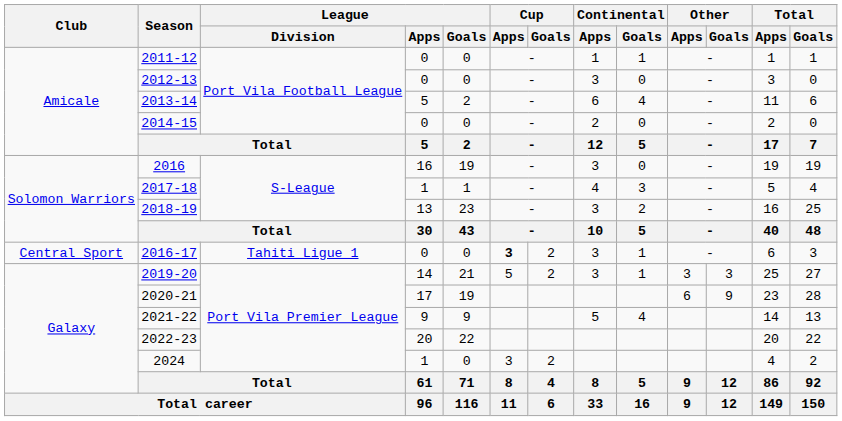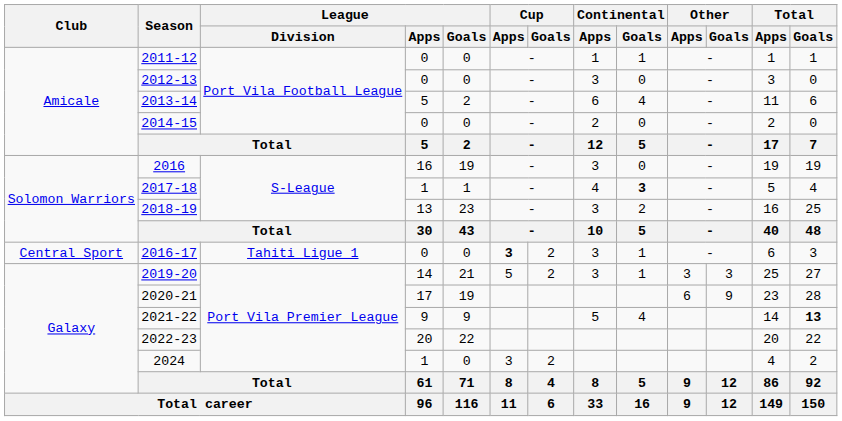 <table class="wikitable" style="text-align: center;">
 <tr>
 <th rowspan="2">Club</th>
 <th rowspan="2">Season</th>
 <th colspan="3">League</th>
 <th colspan="2">Cup</th>
 <th colspan="2">Continental</th>
 <th colspan="2">Other</th>
 <th colspan="2">Total</th>
 </tr>
 <tr>
 <th>Division</th>
 <th>Apps</th>
 <th>Goals</th>
 <th>Apps</th>
 <th>Goals</th>
 <th>Apps</th>
 <th>Goals</th>
 <th>Apps</th>
 <th>Goals</th>
 <th>Apps</th>
 <th>Goals</th>
 </tr>
 <tr>
 <td rowspan="5"><a href='#'>Amicale</a></td>
 <td><a href='#'>2011-12</a></td>
 <td rowspan="4"><a href='#'>Port Vila Football League</a></td>
 <td>0</td>
 <td>0</td>
 <td colspan="2">-</td>
 <td>1</td>
 <td>1</td>
 <td colspan="2">-</td>
 <td>1</td>
 <td>1</td>
 </tr>
 <tr>
 <td><a href='#'>2012-13</a></td>
 <td>0</td>
 <td>0</td>
 <td colspan="2">-</td>
 <td>3</td>
 <td>0</td>
 <td colspan="2">-</td>
 <td>3</td>
 <td>0</td>
 </tr>
 <tr>
 <td><a href='#'>2013-14</a></td>
 <td>5</td>
 <td>2</td>
 <td colspan="2">-</td>
 <td>6</td>
 <td>4</td>
 <td colspan="2">-</td>
 <td>11</td>
 <td>6</td>
 </tr>
 <tr>
 <td><a href='#'>2014-15</a></td>
 <td>0</td>
 <td>0</td>
 <td colspan="2">-</td>
 <td>2</td>
 <td>0</td>
 <td colspan="2">-</td>
 <td>2</td>
 <td>0</td>
 </tr>
 <tr>
 <th colspan=2>Total</th>
 <th>5</th>
 <th>2</th>
 <th colspan=2>-</th>
 <th>12</th>
 <th>5</th>
 <th colspan=2>-</th>
 <th>17</th>
 <th>7</th>
 </tr>
 <tr>
 <td rowspan="4"><a href='#'>Solomon Warriors</a></td>
 <td><a href='#'>2016</a></td>
 <td rowspan="3"><a href='#'>S-League</a></td>
 <td>16</td>
 <td>19</td>
 <td colspan="2">-</td>
 <td>3</td>
 <td>0</td>
 <td colspan="2">-</td>
 <td>19</td>
 <td>19</td>
 </tr>
 <tr>
 <td><a href='#'>2017-18</a></td>
 <td>1</td>
 <td>1</td>
 <td colspan="2">-</td>
 <td>4</td>
-<td>3</td>
+<td><strong>3</strong></td>
 <td colspan="2">-</td>
 <td>5</td>
 <td>4</td>
 </tr>
 <tr>
 <td><a href='#'>2018-19</a></td>
 <td>13</td>
 <td>23</td>
 <td colspan="2">-</td>
 <td>3</td>
 <td>2</td>
 <td colspan="2">-</td>
 <td>16</td>
 <td>25</td>
 </tr>
 <tr>
 <th colspan=2>Total</th>
 <th>30</th>
 <th>43</th>
 <th colspan=2>-</th>
 <th>10</th>
 <th>5</th>
 <th colspan=2>-</th>
 <th>40</th>
 <th>48</th>
 </tr>
 <tr>
 <td><a href='#'>Central Sport</a></td>
 <td><a href='#'>2016-17</a></td>
 <td><a href='#'>Tahiti Ligue 1</a></td>
 <td>0</td>
 <td>0</td>
 <td><strong>3</strong></td>
 <td>2</td>
 <td>3</td>
 <td>1</td>
 <td colspan=2>-</td>
 <td>6</td>
 <td>3</td>
 </tr>
 <tr>
 <td rowspan="6"><a href='#'>Galaxy</a></td>
 <td><a href='#'>2019-20</a></td>
 <td rowspan="5"><a href='#'>Port Vila Premier League</a></td>
 <td>14</td>
 <td>21</td>
 <td>5</td>
 <td>2</td>
 <td>3</td>
 <td>1</td>
 <td>3</td>
 <td>3</td>
 <td>25</td>
 <td>27</td>
 </tr>
 <tr>
 <td>2020-21</td>
 <td>17</td>
 <td>19</td>
 <td></td>
 <td></td>
 <td></td>
 <td></td>
 <td>6</td>
 <td>9</td>
 <td>23</td>
 <td>28</td>
 </tr>
 <tr>
 <td>2021-22</td>
 <td>9</td>
 <td>9</td>
 <td></td>
 <td></td>
 <td>5</td>
 <td>4</td>
 <td></td>
 <td></td>
 <td>14</td>
-<td>13</td>
+<td><strong>13</strong></td>
 </tr>
 <tr>
 <td>2022-23</td>
 <td>20</td>
 <td>22</td>
 <td></td>
 <td></td>
 <td></td>
 <td></td>
 <td></td>
 <td></td>
 <td>20</td>
 <td>22</td>
 </tr>
 <tr>
 <td>2024</td>
 <td>1</td>
 <td>0</td>
 <td>3</td>
 <td>2</td>
 <td></td>
 <td></td>
 <td></td>
 <td></td>
 <td>4</td>
 <td>2</td>
 </tr>
 <tr>
 <th colspan=2>Total</th>
 <th>61</th>
 <th>71</th>
 <th>8</th>
 <th>4</th>
 <th>8</th>
 <th>5</th>
 <th>9</th>
 <th>12</th>
 <th>86</th>
 <th>92</th>
 </tr>
 <tr>
 <th colspan="3">Total career</th>
 <th>96</th>
 <th>116</th>
 <th>11</th>
 <th>6</th>
 <th>33</th>
 <th>16</th>
 <th>9</th>
 <th>12</th>
 <th>149</th>
 <th>150</th>
 </tr>
 </table>
